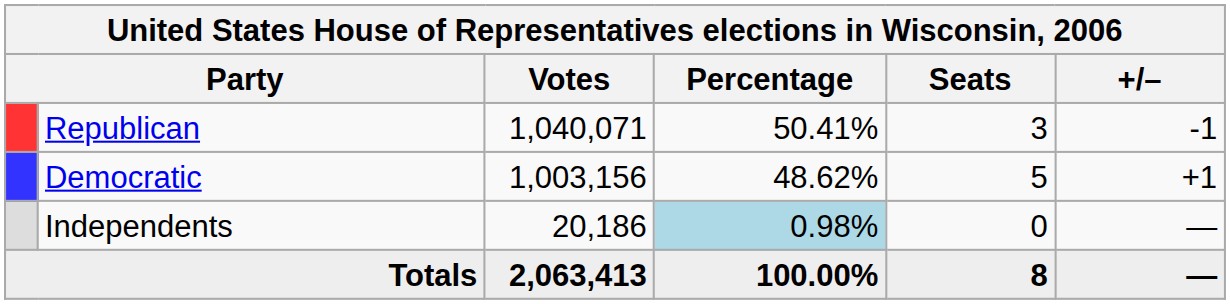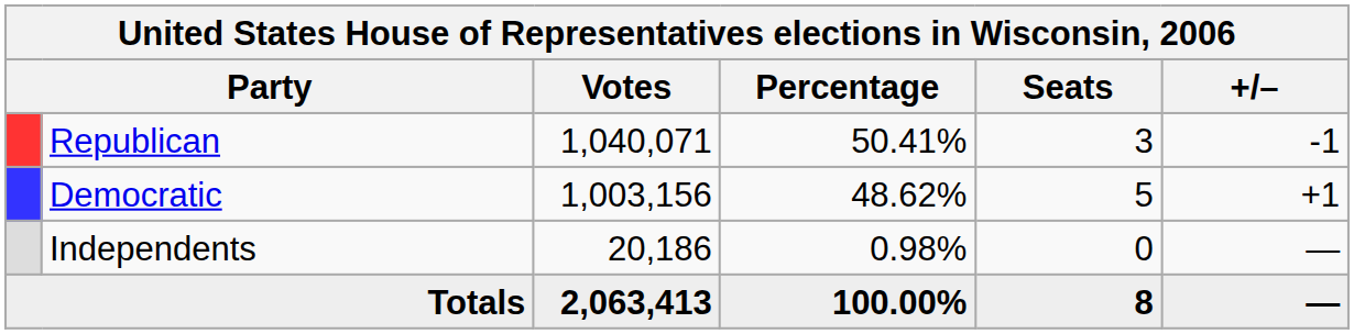 <table class="wikitable" style="font-size: 95%;">
 <tr>
 <th colspan="6">United States House of Representatives elections in Wisconsin, 2006</th>
 </tr>
 <tr>
 <th colspan=2 style="width: 15em">Party</th>
 <th style="width: 5em">Votes</th>
 <th style="width: 7em">Percentage</th>
 <th style="width: 5em">Seats</th>
 <th style="width: 5em">+/–</th>
 </tr>
 <tr>
 <th style="background:#f33; width:3px;"></th>
 <td style="width: 130px"><a href='#'>Republican</a></td>
 <td style="text-align:right;">1,040,071</td>
 <td style="text-align:right;">50.41%</td>
 <td style="text-align:right;">3</td>
 <td style="text-align:right;">-1</td>
 </tr>
 <tr>
 <th style="background:#33f; width:3px;"></th>
 <td style="width: 130px"><a href='#'>Democratic</a></td>
 <td style="text-align:right;">1,003,156</td>
 <td style="text-align:right;">48.62%</td>
 <td style="text-align:right;">5</td>
 <td style="text-align:right;">+1</td>
 </tr>
 <tr>
 <th style="background:#ddd; width:3px;"></th>
 <td style="width: 130px">Independents</td>
 <td style="text-align:right;">20,186</td>
-<td style="background: lightblue; text-align:right;">0.98%</td>
+<td style="text-align:right;">0.98%</td>
 <td style="text-align:right;">0</td>
 <td style="text-align:right;">—</td>
 </tr>
 <tr style="background:#eee; text-align:right;">
 <td colspan="2"><strong>Totals</strong></td>
 <td><strong>2,063,413</strong></td>
 <td><strong>100.00%</strong></td>
 <td><strong>8</strong></td>
 <td><strong>—</strong></td>
 </tr>
 </table>
